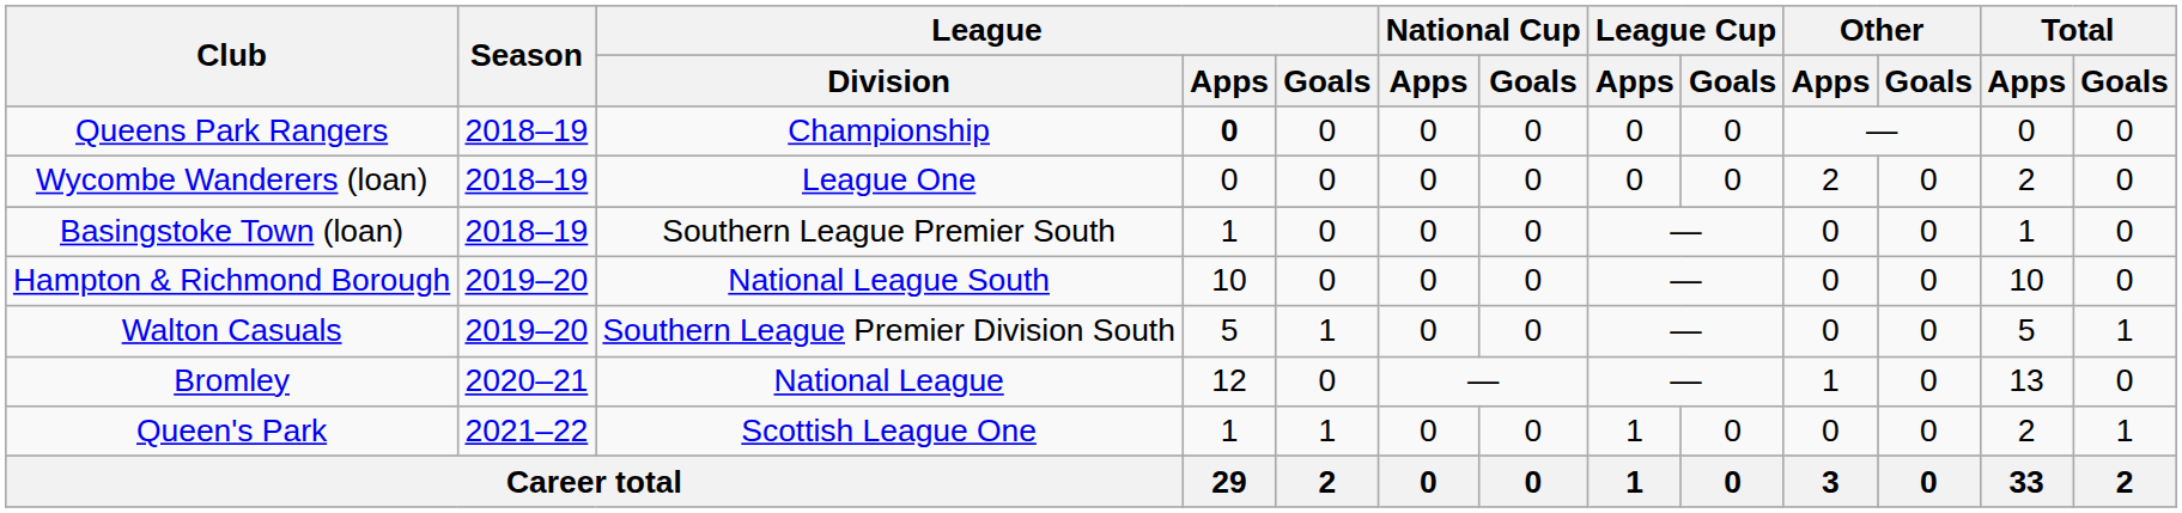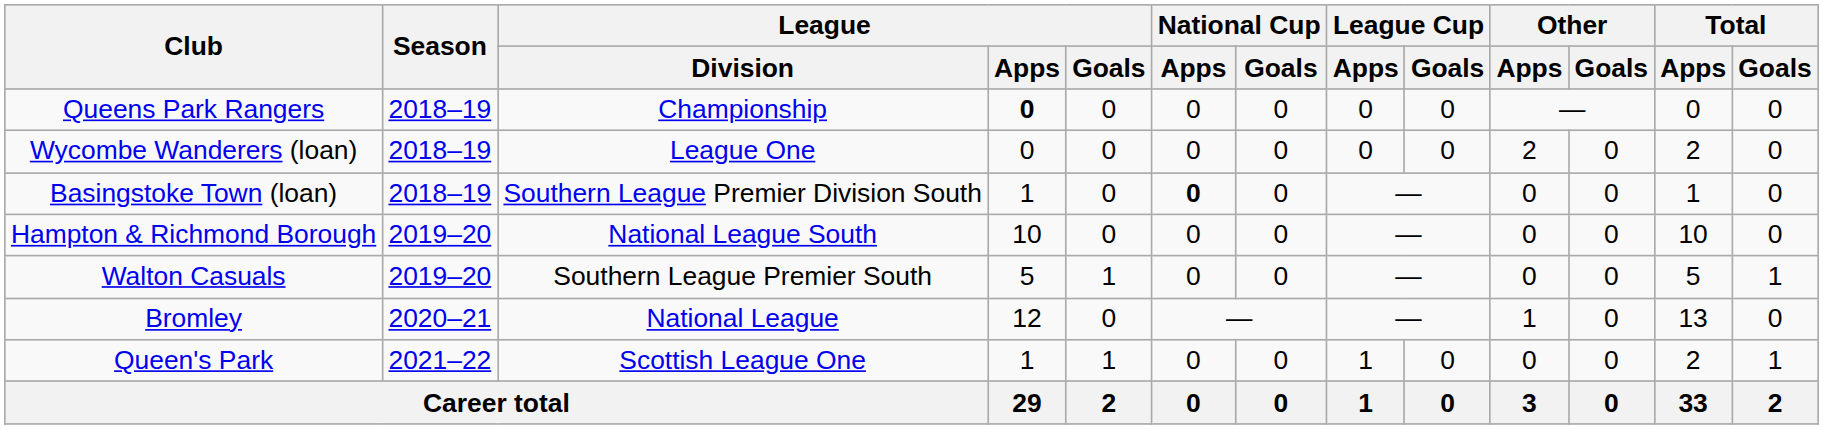 <table class="wikitable" style="text-align:center">
 <tr>
 <th rowspan="2">Club</th>
 <th rowspan="2">Season</th>
 <th colspan="3">League</th>
 <th colspan="2">National Cup</th>
 <th colspan="2">League Cup</th>
 <th colspan="2">Other</th>
 <th colspan="2">Total</th>
 </tr>
 <tr>
 <th>Division</th>
 <th>Apps</th>
 <th>Goals</th>
 <th>Apps</th>
 <th>Goals</th>
 <th>Apps</th>
 <th>Goals</th>
 <th>Apps</th>
 <th>Goals</th>
 <th>Apps</th>
 <th>Goals</th>
 </tr>
 <tr>
 <td><a href='#'>Queens Park Rangers</a></td>
 <td><a href='#'>2018–19</a></td>
 <td><a href='#'>Championship</a></td>
 <td><strong>0</strong></td>
 <td>0</td>
 <td>0</td>
 <td>0</td>
 <td>0</td>
 <td>0</td>
 <td colspan="2">—</td>
 <td>0</td>
 <td>0</td>
 </tr>
 <tr>
 <td><a href='#'>Wycombe Wanderers</a> (loan)</td>
 <td><a href='#'>2018–19</a></td>
 <td><a href='#'>League One</a></td>
 <td>0</td>
 <td>0</td>
 <td>0</td>
 <td>0</td>
 <td>0</td>
 <td>0</td>
 <td>2</td>
 <td>0</td>
 <td>2</td>
 <td>0</td>
 </tr>
 <tr>
 <td><a href='#'>Basingstoke Town</a> (loan)</td>
 <td><a href='#'>2018–19</a></td>
-<td>Southern League Premier South</td>
+<td><a href='#'>Southern League</a> Premier Division South</td>
 <td>1</td>
 <td>0</td>
-<td>0</td>
+<td><strong>0</strong></td>
 <td>0</td>
 <td colspan="2">—</td>
 <td>0</td>
 <td>0</td>
 <td>1</td>
 <td>0</td>
 </tr>
 <tr>
 <td><a href='#'>Hampton & Richmond Borough</a></td>
 <td><a href='#'>2019–20</a></td>
 <td><a href='#'>National League South</a></td>
 <td>10</td>
 <td>0</td>
 <td>0</td>
 <td>0</td>
 <td colspan="2">—</td>
 <td>0</td>
 <td>0</td>
 <td>10</td>
 <td>0</td>
 </tr>
 <tr>
 <td><a href='#'>Walton Casuals</a></td>
 <td><a href='#'>2019–20</a></td>
-<td><a href='#'>Southern League</a> Premier Division South</td>
+<td>Southern League Premier South</td>
 <td>5</td>
 <td>1</td>
 <td>0</td>
 <td>0</td>
 <td colspan="2">—</td>
 <td>0</td>
 <td>0</td>
 <td>5</td>
 <td>1</td>
 </tr>
 <tr>
 <td><a href='#'>Bromley</a></td>
 <td><a href='#'>2020–21</a></td>
 <td><a href='#'>National League</a></td>
 <td>12</td>
 <td>0</td>
 <td colspan=2>—</td>
 <td colspan=2>—</td>
 <td>1</td>
 <td>0</td>
 <td>13</td>
 <td>0</td>
 </tr>
 <tr>
 <td><a href='#'>Queen's Park</a></td>
 <td><a href='#'>2021–22</a></td>
 <td><a href='#'>Scottish League One</a></td>
 <td>1</td>
 <td>1</td>
 <td>0</td>
 <td>0</td>
 <td>1</td>
 <td>0</td>
 <td>0</td>
 <td>0</td>
 <td>2</td>
 <td>1</td>
 </tr>
 <tr>
 <th colspan="3">Career total</th>
 <th>29</th>
 <th>2</th>
 <th>0</th>
 <th>0</th>
 <th>1</th>
 <th>0</th>
 <th>3</th>
 <th>0</th>
 <th>33</th>
 <th>2</th>
 </tr>
 </table>
